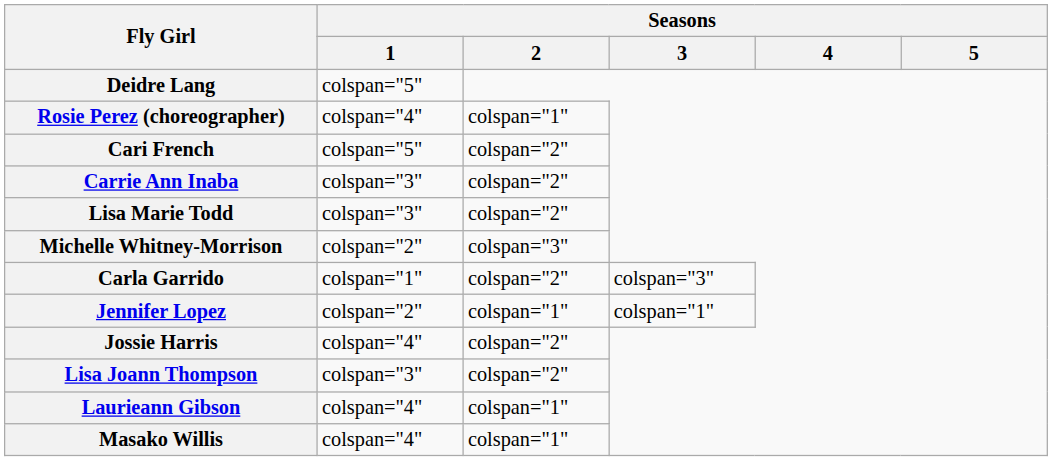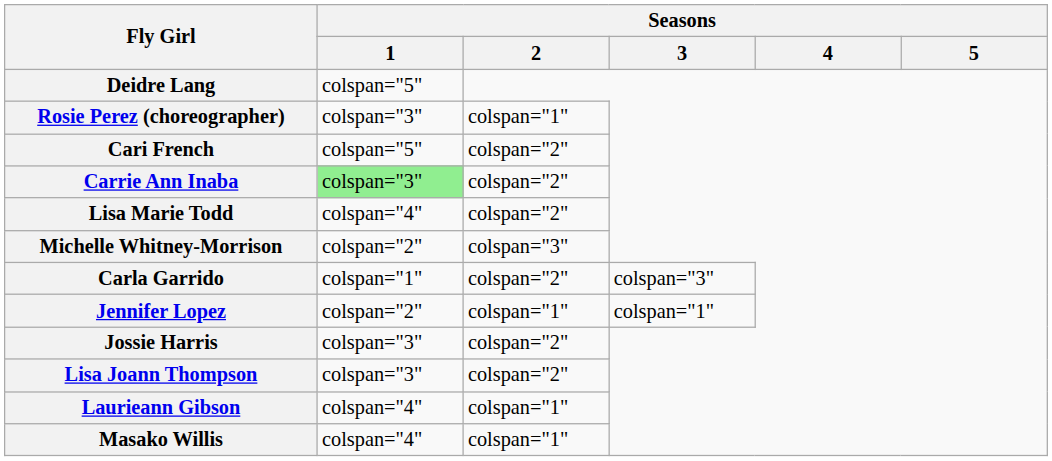 <table class="wikitable plainrowheaders" width="65%">
 <tr>
 <th scope="col" rowspan="2">Fly Girl</th>
 <th colspan="5">Seasons</th>
 </tr>
 <tr>
 <th scope="col" width="14%">1</th>
 <th scope="col" width="14%">2</th>
 <th scope="col" width="14%">3</th>
 <th scope="col" width="14%">4</th>
 <th scope="col" width="14%">5</th>
 </tr>
 <tr>
 <th scope="row">Deidre Lang</th>
 <td>colspan="5" </td>
 </tr>
 <tr>
 <th scope="row"><a href='#'>Rosie Perez</a> (choreographer)</th>
-<td>colspan="4" </td>
+<td>colspan="3" </td>
 <td>colspan="1" </td>
 </tr>
 <tr>
 <th scope="row">Cari French</th>
 <td>colspan="5" </td>
 <td>colspan="2" </td>
 </tr>
 <tr>
 <th scope="row"><a href='#'>Carrie Ann Inaba</a></th>
-<td>colspan="3" </td>
+<td style="background: lightgreen;">colspan="3" </td>
 <td>colspan="2" </td>
 </tr>
 <tr>
 <th scope="row">Lisa Marie Todd</th>
-<td>colspan="3" </td>
+<td>colspan="4" </td>
 <td>colspan="2" </td>
 </tr>
 <tr>
 <th scope="row">Michelle Whitney-Morrison</th>
 <td>colspan="2" </td>
 <td>colspan="3" </td>
 </tr>
 <tr>
 <th scope="row">Carla Garrido</th>
 <td>colspan="1" </td>
 <td>colspan="2" </td>
 <td>colspan="3" </td>
 </tr>
 <tr>
 <th scope="row"><a href='#'>Jennifer Lopez</a></th>
 <td>colspan="2" </td>
 <td>colspan="1" </td>
 <td>colspan="1" </td>
 </tr>
 <tr>
 <th scope="row">Jossie Harris</th>
-<td>colspan="4" </td>
+<td>colspan="3" </td>
 <td>colspan="2" </td>
 </tr>
 <tr>
 <th scope="row"><a href='#'>Lisa Joann Thompson</a></th>
 <td>colspan="3" </td>
 <td>colspan="2" </td>
 </tr>
 <tr>
 <th scope="row"><a href='#'>Laurieann Gibson</a></th>
 <td>colspan="4" </td>
 <td>colspan="1" </td>
 </tr>
 <tr>
 <th scope="row">Masako Willis</th>
 <td>colspan="4" </td>
 <td>colspan="1" </td>
 </tr>
 </table>
